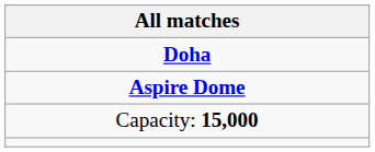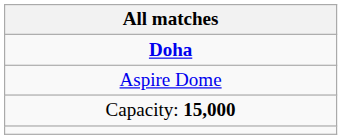 <table class="wikitable" style="text-align:center" width=280>
 <tr>
 <th>All matches</th>
 </tr>
 <tr>
 <td> <strong><a href='#'>Doha</a></strong></td>
 </tr>
 <tr>
-<td><strong><a href='#'>Aspire Dome</a></strong></td>
+<td><a href='#'>Aspire Dome</a></td>
 </tr>
 <tr>
 <td>Capacity: <strong>15,000</strong></td>
 </tr>
 <tr>
 <td></td>
 </tr>
 </table>
